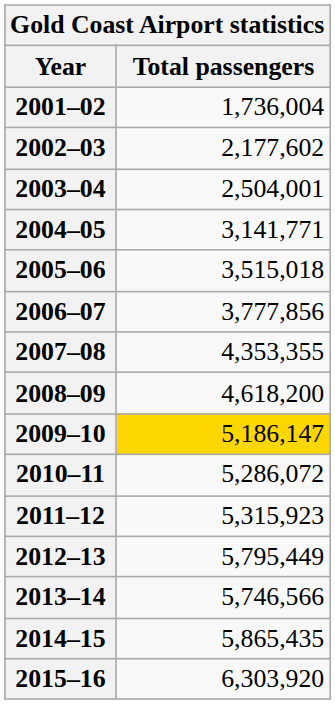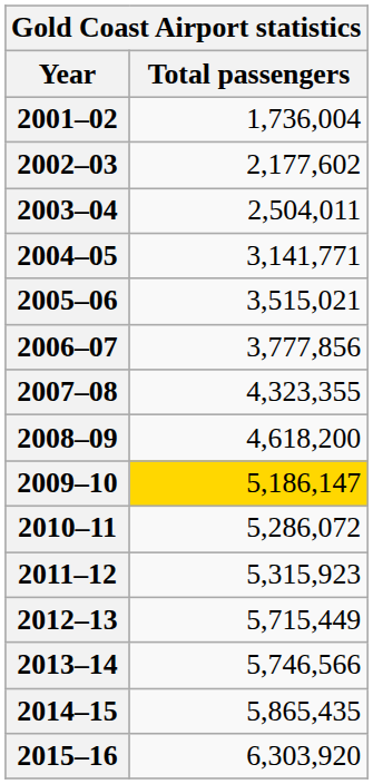 <table class="wikitable" style="float:right; clear: right; margin:7px; text-size:100%; text-align:right">
 <tr>
 <th style="text-align:center;" colspan=2>Gold Coast Airport statistics</th>
 </tr>
 <tr>
 <th>Year</th>
 <th>Total passengers</th>
 </tr>
 <tr>
 <th>2001–02</th>
 <td>1,736,004</td>
 </tr>
 <tr>
 <th>2002–03</th>
 <td>2,177,602</td>
 </tr>
 <tr>
 <th>2003–04</th>
-<td>2,504,001</td>
+<td>2,504,011</td>
 </tr>
 <tr>
 <th>2004–05</th>
 <td>3,141,771</td>
 </tr>
 <tr>
 <th>2005–06</th>
-<td>3,515,018</td>
+<td>3,515,021</td>
 </tr>
 <tr>
 <th>2006–07</th>
 <td>3,777,856</td>
 </tr>
 <tr>
 <th>2007–08</th>
-<td>4,353,355</td>
+<td>4,323,355</td>
 </tr>
 <tr>
 <th>2008–09</th>
 <td>4,618,200</td>
 </tr>
 <tr>
 <th>2009–10</th>
 <td style="background: gold;">5,186,147</td>
 </tr>
 <tr>
 <th>2010–11</th>
 <td>5,286,072</td>
 </tr>
 <tr>
 <th>2011–12</th>
 <td>5,315,923</td>
 </tr>
 <tr>
 <th>2012–13</th>
-<td>5,795,449</td>
+<td>5,715,449</td>
 </tr>
 <tr>
 <th>2013–14</th>
 <td>5,746,566</td>
 </tr>
 <tr>
 <th>2014–15</th>
 <td>5,865,435</td>
 </tr>
 <tr>
 <th>2015–16</th>
 <td>6,303,920</td>
 </tr>
 </table>
